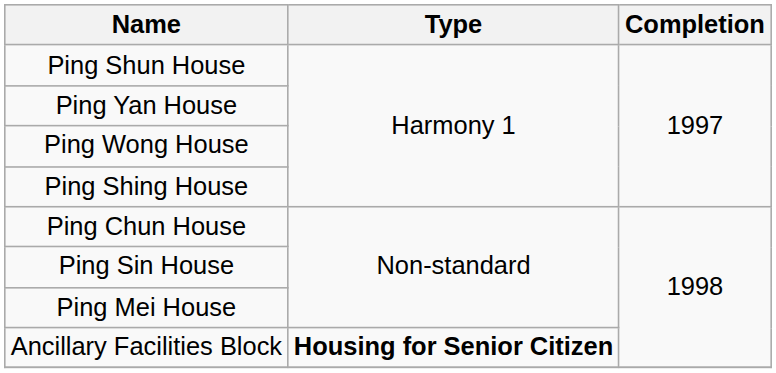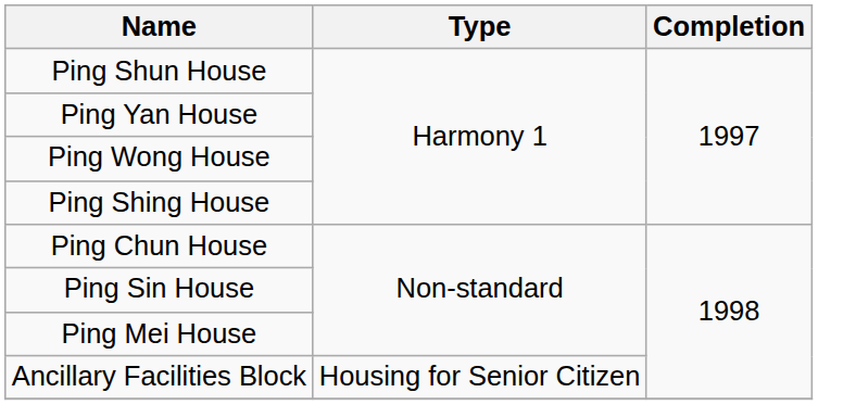 <table class="wikitable" style="text-align: center">
 <tr>
 <th>Name</th>
 <th>Type</th>
 <th>Completion</th>
 </tr>
 <tr>
 <td>Ping Shun House</td>
 <td rowspan="4">Harmony 1</td>
 <td rowspan="4">1997</td>
 </tr>
 <tr>
 <td>Ping Yan House</td>
 </tr>
 <tr>
 <td>Ping Wong House</td>
 </tr>
 <tr>
 <td>Ping Shing House</td>
 </tr>
 <tr>
 <td>Ping Chun House</td>
 <td rowspan="3">Non-standard</td>
 <td rowspan="4">1998</td>
 </tr>
 <tr>
 <td>Ping Sin House</td>
 </tr>
 <tr>
 <td>Ping Mei House</td>
 </tr>
 <tr>
 <td>Ancillary Facilities Block</td>
-<td rowspan="1"><strong>Housing for Senior Citizen</strong></td>
+<td rowspan="1">Housing for Senior Citizen</td>
 </tr>
 <tr>
 </tr>
 </table>
